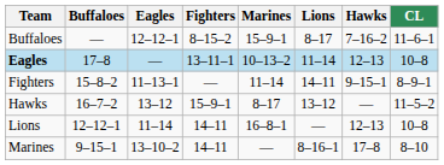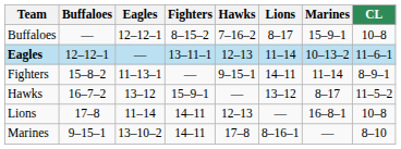 <table class="wikitable plainrowheaders" style="text-align:center;">
 <tr>
 <th>Team</th>
 <th>Buffaloes</th>
 <th>Eagles</th>
 <th>Fighters</th>
+<th>Hawks</th>
+<th>Lions</th>
 <th>Marines</th>
-<th>Lions</th>
-<th>Hawks</th>
 <th style="background:#2e8b57; color:white;">CL</th>
 </tr>
 <tr>
 <td style="text-align:left;">Buffaloes</td>
 <td>—</td>
 <td>12–12–1</td>
 <td>8–15–2</td>
+<td>7–16–2</td>
+<td>8–17</td>
 <td>15–9–1</td>
-<td>8–17</td>
-<td>7–16–2</td>
-<td>11–6–1</td>
+<td>10–8</td>
 </tr>
 <tr style="background: #bbe0f1">
 <td style="text-align:left;"><strong>Eagles</strong></td>
-<td>17–8</td>
+<td>12–12–1</td>
 <td>—</td>
 <td>13–11–1</td>
+<td>12–13</td>
+<td>11–14</td>
 <td>10–13–2</td>
-<td>11–14</td>
-<td>12–13</td>
-<td>10–8</td>
+<td>11–6–1</td>
 </tr>
 <tr>
 <td style="text-align:left;">Fighters</td>
 <td>15–8–2</td>
 <td>11–13–1</td>
 <td>—</td>
+<td>9–15–1</td>
+<td>14–11</td>
 <td>11–14</td>
-<td>14–11</td>
-<td>9–15–1</td>
 <td>8–9–1</td>
 </tr>
 <tr>
 <td style="text-align:left;">Hawks</td>
 <td>16–7–2</td>
 <td>13–12</td>
 <td>15–9–1</td>
+<td>—</td>
+<td>13–12</td>
 <td>8–17</td>
-<td>13–12</td>
-<td>—</td>
 <td>11–5–2</td>
 </tr>
 <tr>
 <td style="text-align:left;">Lions</td>
-<td>12–12–1</td>
+<td>17–8</td>
 <td>11–14</td>
 <td>14–11</td>
+<td>12–13</td>
+<td>—</td>
 <td>16–8–1</td>
-<td>—</td>
-<td>12–13</td>
 <td>10–8</td>
 </tr>
 <tr>
 <td style="text-align:left;">Marines</td>
 <td>9–15–1</td>
 <td>13–10–2</td>
 <td>14–11</td>
+<td>17–8</td>
+<td>8–16–1</td>
 <td>—</td>
-<td>8–16–1</td>
-<td>17–8</td>
 <td>8–10</td>
 </tr>
 </table>
